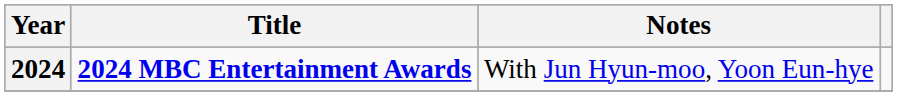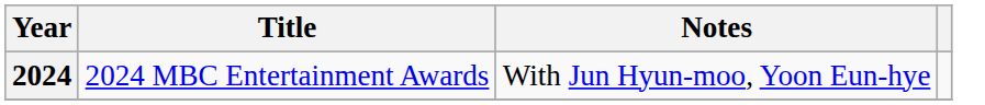 <table class="wikitable plainrowheaders sortable">
 <tr>
 <th scope="col">Year</th>
 <th scope="col">Title</th>
 <th scope="col">Notes</th>
 <th scope="col" class="unsortable"></th>
 </tr>
 <tr>
 <th scope="row">2024</th>
-<td><strong><a href='#'>2024 MBC Entertainment Awards</a></strong></td>
+<td><a href='#'>2024 MBC Entertainment Awards</a></td>
 <td>With <a href='#'>Jun Hyun-moo</a>, <a href='#'>Yoon Eun-hye</a></td>
 <td style="text-align:center"></td>
 </tr>
 <tr>
 </tr>
 </table>
